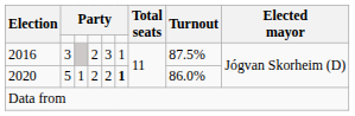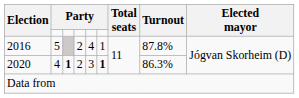 <table class="wikitable">
 <tr>
 <th rowspan="2">Election</th>
 <th colspan="5">Party</th>
 <th rowspan="2">Total<br>seats</th>
 <th rowspan="2">Turnout</th>
 <th rowspan="2">Elected<br>mayor</th>
 </tr>
 <tr>
 <td style="background:"><strong><a href='#'></a></strong></td>
 <td style="background:"><strong><a href='#'></a></strong></td>
 <td style="background:"><strong><a href='#'></a></strong></td>
 <td style="background:"><strong><a href='#'></a></strong></td>
 <td style="background:"><strong><a href='#'></a></strong></td>
 </tr>
 <tr>
 <td>2016</td>
-<td>3</td>
+<td>5</td>
 <td style="background:#CDC9C9;"></td>
 <td>2</td>
-<td>3</td>
+<td>4</td>
 <td>1</td>
 <td rowspan="2">11</td>
-<td>87.5%</td>
+<td>87.8%</td>
 <td rowspan="2">Jógvan Skorheim (D)</td>
 </tr>
 <tr>
 <td>2020</td>
-<td>5</td>
-<td>1</td>
+<td>4</td>
+<td><strong>1</strong></td>
 <td>2</td>
-<td>2</td>
+<td>3</td>
 <td><strong>1</strong></td>
-<td>86.0%</td>
+<td>86.3%</td>
 </tr>
 <tr>
 <td colspan="14">Data from </td>
 </tr>
 </table>
